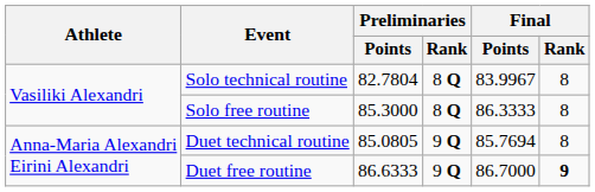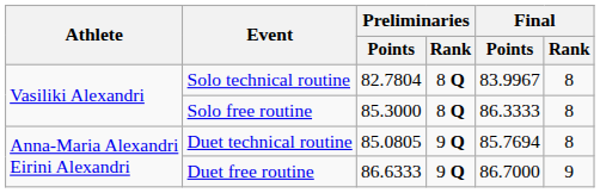 <table class=wikitable style="font-size:90%">
 <tr>
 <th rowspan="2">Athlete</th>
 <th rowspan="2">Event</th>
 <th colspan="2">Preliminaries</th>
 <th colspan="2">Final</th>
 </tr>
 <tr style="font-size:95%">
 <th>Points</th>
 <th>Rank</th>
 <th>Points</th>
 <th>Rank</th>
 </tr>
 <tr align=center>
 <td align=left rowspan=2><a href='#'>Vasiliki Alexandri</a></td>
 <td align=left><a href='#'>Solo technical routine</a></td>
 <td>82.7804</td>
 <td>8 <strong>Q</strong></td>
 <td>83.9967</td>
 <td>8</td>
 </tr>
 <tr align=center>
 <td align=left><a href='#'>Solo free routine</a></td>
 <td>85.3000</td>
 <td>8 <strong>Q</strong></td>
 <td>86.3333</td>
 <td>8</td>
 </tr>
 <tr align=center>
 <td align=left rowspan=2><a href='#'>Anna-Maria Alexandri</a><br><a href='#'>Eirini Alexandri</a></td>
 <td align=left><a href='#'>Duet technical routine</a></td>
 <td>85.0805</td>
 <td>9 <strong>Q</strong></td>
 <td>85.7694</td>
 <td>8</td>
 </tr>
 <tr align=center>
 <td align=left><a href='#'>Duet free routine</a></td>
 <td>86.6333</td>
 <td>9 <strong>Q</strong></td>
 <td>86.7000</td>
-<td><strong>9</strong></td>
+<td>9</td>
 </tr>
 </table>
